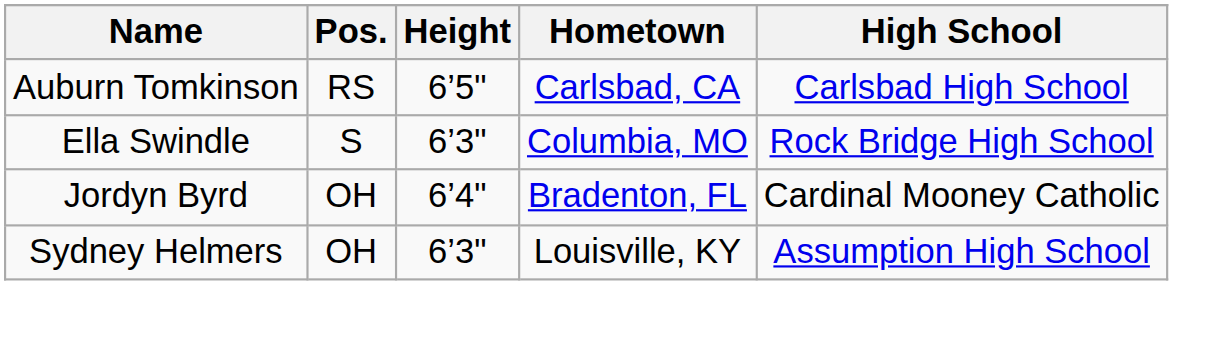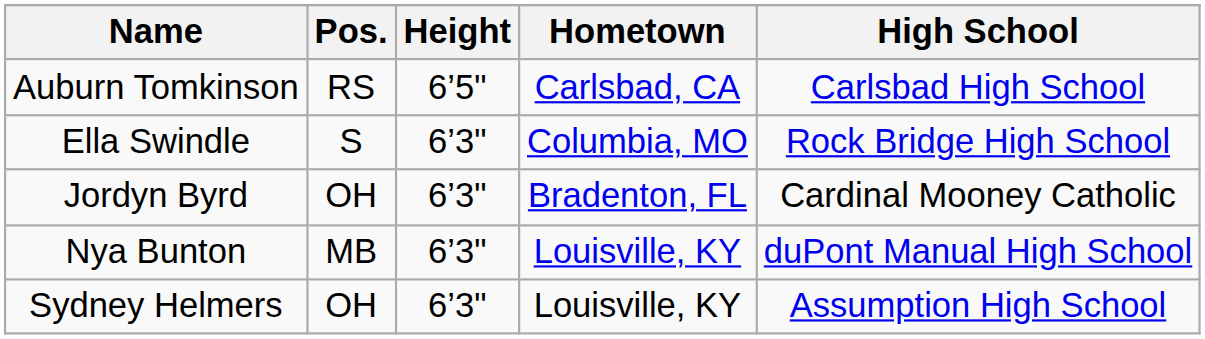 <table class="wikitable sortable collapsible">
 <tr>
 </tr>
 <tr>
 <th style="text-align:center; ">Name</th>
 <th style="text-align:center; ">Pos.</th>
 <th style="text-align:center; ">Height</th>
 <th style="text-align:center; ">Hometown</th>
 <th style="text-align:center; ">High School</th>
 </tr>
 <tr align="center">
 <td>Auburn Tomkinson</td>
 <td>RS</td>
 <td>6’5"</td>
 <td><a href='#'>Carlsbad, CA</a></td>
 <td><a href='#'>Carlsbad High School</a></td>
 </tr>
 <tr align="center">
 <td>Ella Swindle</td>
 <td>S</td>
 <td>6’3"</td>
 <td><a href='#'>Columbia, MO</a></td>
 <td><a href='#'>Rock Bridge High School</a></td>
 </tr>
 <tr align="center">
 <td>Jordyn Byrd</td>
 <td>OH</td>
-<td>6’4"</td>
+<td>6’3"</td>
 <td><a href='#'>Bradenton, FL</a></td>
 <td>Cardinal Mooney Catholic</td>
+</tr>
+<tr align="center">
+<td>Nya Bunton</td>
+<td>MB</td>
+<td>6’3"</td>
+<td><a href='#'>Louisville, KY</a></td>
+<td><a href='#'>duPont Manual High School</a></td>
 </tr>
 <tr align="center">
 <td>Sydney Helmers</td>
 <td>OH</td>
 <td>6’3"</td>
 <td>Louisville, KY</td>
 <td><a href='#'>Assumption High School</a></td>
 </tr>
 </table>
